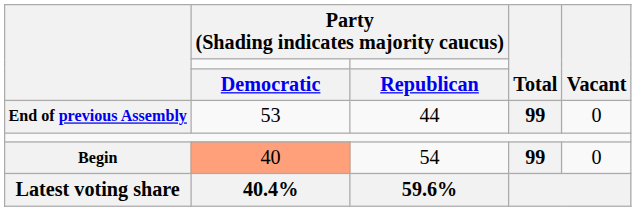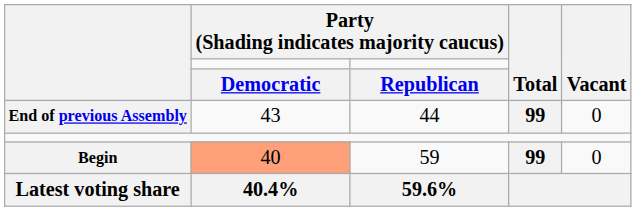 <table class=wikitable style="text-align:center">
 <tr style="vertical-align:bottom;">
 <th rowspan=3></th>
 <th colspan=2>Party <div>(Shading indicates majority caucus)</div></th>
 <th rowspan=3>Total</th>
 <th rowspan=3>Vacant</th>
 </tr>
 <tr style="height:5px">
 <td style="background-color:"></td>
 <td style="background-color:"></td>
 </tr>
 <tr>
 <th><a href='#'>Democratic</a></th>
 <th><a href='#'>Republican</a></th>
 </tr>
 <tr>
 <th nowrap style="font-size:80%">End of <a href='#'>previous Assembly</a></th>
-<td>53</td>
+<td>43</td>
 <td>44</td>
 <th>99</th>
 <td>0</td>
 </tr>
 <tr>
 <td colspan=5></td>
 </tr>
 <tr>
 <th nowrap style="font-size:80%">Begin</th>
 <td style="background: lightsalmon;">40</td>
-<td>54</td>
+<td>59</td>
 <th>99</th>
 <td>0</td>
 </tr>
 <tr>
 <th>Latest voting share</th>
 <th>40.4%</th>
 <th>59.6%</th>
 <th colspan=2></th>
 </tr>
 </table>
